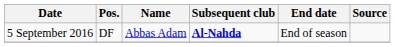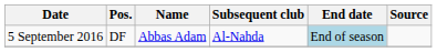 <table class="wikitable" style="text-align:left">
 <tr>
 <th>Date</th>
 <th>Pos.</th>
 <th>Name</th>
 <th>Subsequent club</th>
 <th>End date</th>
 <th>Source</th>
 </tr>
 <tr>
 <td>5 September 2016</td>
 <td>DF</td>
 <td> <a href='#'>Abbas Adam</a></td>
-<td><strong> <a href='#'>Al-Nahda</a></strong></td>
-<td>End of season</td>
+<td> <a href='#'>Al-Nahda</a></td>
+<td style="background: lightblue;">End of season</td>
 <td></td>
 </tr>
 <tr>
 </tr>
 </table>
